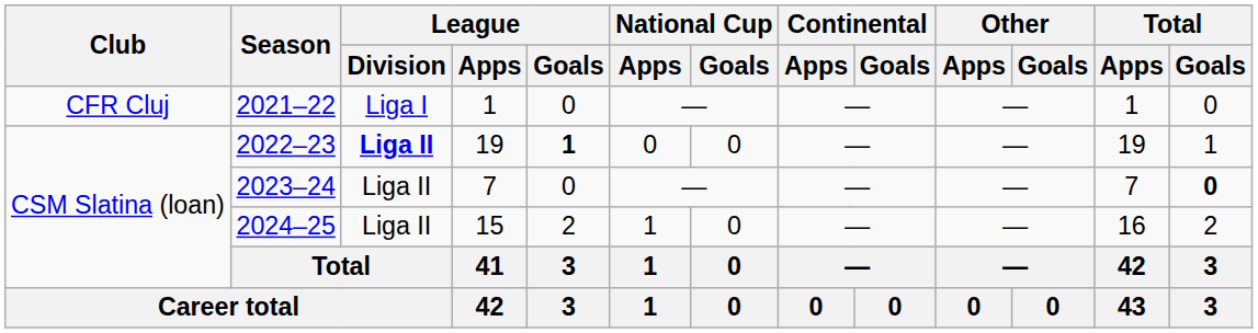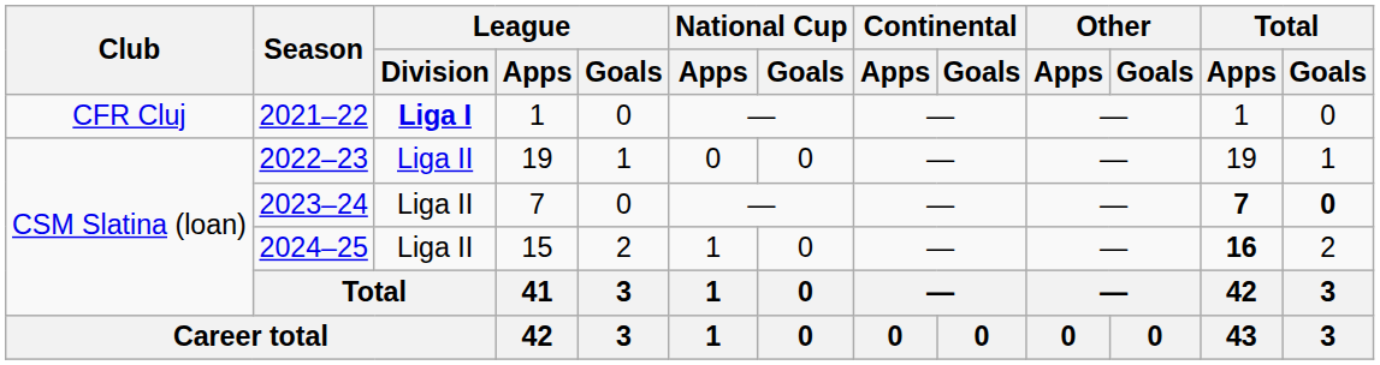 <table class=wikitable style=text-align:center>
 <tr>
 <th rowspan=2>Club</th>
 <th rowspan=2>Season</th>
 <th colspan=3>League</th>
 <th colspan=2>National Cup</th>
 <th colspan=2>Continental</th>
 <th colspan=2>Other</th>
 <th colspan=2>Total</th>
 </tr>
 <tr>
 <th>Division</th>
 <th>Apps</th>
 <th>Goals</th>
 <th>Apps</th>
 <th>Goals</th>
 <th>Apps</th>
 <th>Goals</th>
 <th>Apps</th>
 <th>Goals</th>
 <th>Apps</th>
 <th>Goals</th>
 </tr>
 <tr>
 <td rowspan="1"><a href='#'>CFR Cluj</a></td>
 <td><a href='#'>2021–22</a></td>
-<td rowspan="1"><a href='#'>Liga I</a></td>
+<td rowspan="1"><strong><a href='#'>Liga I</a></strong></td>
 <td>1</td>
 <td>0</td>
 <td colspan="2">—</td>
 <td colspan="2">—</td>
 <td colspan="2">—</td>
 <td>1</td>
 <td>0</td>
 </tr>
 <tr>
 <td rowspan="4"><a href='#'>CSM Slatina</a> (loan)</td>
 <td><a href='#'>2022–23</a></td>
-<td rowspan="1"><strong><a href='#'>Liga II</a></strong></td>
+<td rowspan="1"><a href='#'>Liga II</a></td>
 <td>19</td>
-<td><strong>1</strong></td>
+<td>1</td>
 <td>0</td>
 <td>0</td>
 <td colspan="2">—</td>
 <td colspan="2">—</td>
 <td>19</td>
 <td>1</td>
 </tr>
 <tr>
 <td><a href='#'>2023–24</a></td>
 <td rowspan="1">Liga II</td>
 <td>7</td>
 <td>0</td>
 <td colspan=2>—</td>
 <td colspan=2>—</td>
 <td colspan=2>—</td>
-<td>7</td>
+<td><strong>7</strong></td>
 <td><strong>0</strong></td>
 </tr>
 <tr>
 <td><a href='#'>2024–25</a></td>
 <td rowspan="1">Liga II</td>
 <td>15</td>
 <td>2</td>
 <td>1</td>
 <td>0</td>
 <td colspan=2>—</td>
 <td colspan=2>—</td>
-<td>16</td>
+<td><strong>16</strong></td>
 <td>2</td>
 </tr>
 <tr>
 <th colspan="2">Total</th>
 <th>41</th>
 <th>3</th>
 <th>1</th>
 <th>0</th>
 <th colspan=2>—</th>
 <th colspan=2>—</th>
 <th>42</th>
 <th>3</th>
 </tr>
 <tr>
 <th colspan="3">Career total</th>
 <th>42</th>
 <th>3</th>
 <th>1</th>
 <th>0</th>
 <th>0</th>
 <th>0</th>
 <th>0</th>
 <th>0</th>
 <th>43</th>
 <th>3</th>
 </tr>
 </table>
